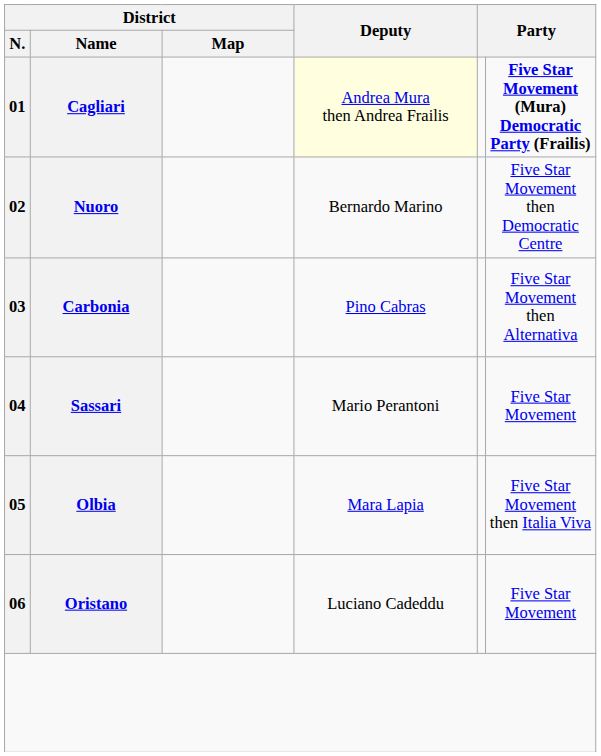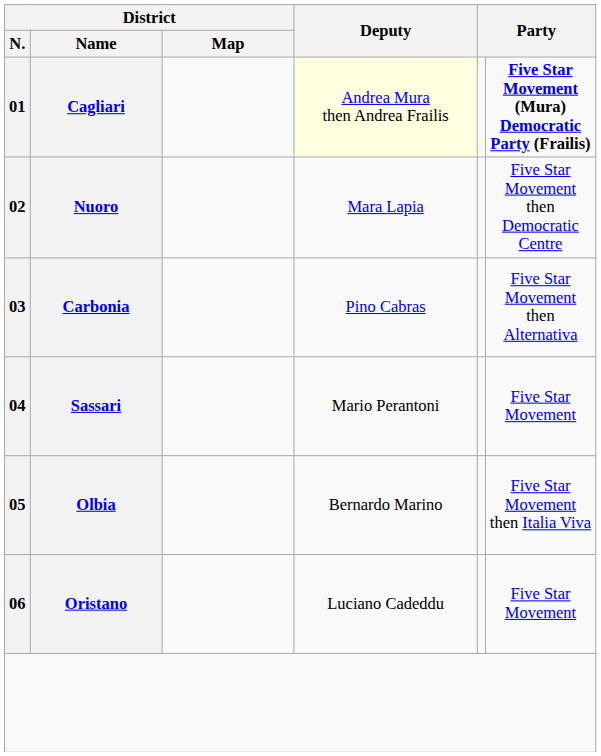 <table class="wikitable" style="text-align:center; style="width=65%">
 <tr>
 <th width=35% colspan="3">District</th>
 <th width=25% rowspan="2">Deputy</th>
 <th width=15% colspan="14" rowspan="2">Party</th>
 </tr>
 <tr>
 <th width=1%>N.</th>
 <th width=18%>Name</th>
 <th width=18%>Map</th>
 </tr>
 <tr style="height:6em;">
 <th>01</th>
 <th><a href='#'>Cagliari</a></th>
 <td></td>
 <td style="background: lightyellow;"><a href='#'>Andrea Mura</a><br>then Andrea Frailis</td>
 <td style="background:"></td>
 <td><strong><a href='#'>Five Star Movement</a> (Mura)<br><a href='#'>Democratic Party</a> (Frailis)</strong></td>
 </tr>
 <tr style="height:6em;">
 <th>02</th>
 <th><a href='#'>Nuoro</a></th>
 <td></td>
-<td>Bernardo Marino</td>
+<td><a href='#'>Mara Lapia</a></td>
 <td style="background:"></td>
 <td colspan=3><a href='#'>Five Star Movement</a><br>then <a href='#'>Democratic Centre</a></td>
 </tr>
 <tr style="height:6em;">
 <th>03</th>
 <th><a href='#'>Carbonia</a></th>
 <td></td>
 <td><a href='#'>Pino Cabras</a></td>
 <td style="background:"></td>
 <td colspan=3><a href='#'>Five Star Movement</a><br>then <a href='#'>Alternativa</a></td>
 </tr>
 <tr style="height:6em;">
 <th>04</th>
 <th><a href='#'>Sassari</a></th>
 <td></td>
 <td>Mario Perantoni</td>
 <td style="background:"></td>
 <td colspan=3><a href='#'>Five Star Movement</a></td>
 </tr>
 <tr style="height:6em;">
 <th>05</th>
 <th><a href='#'>Olbia</a></th>
 <td></td>
-<td><a href='#'>Mara Lapia</a></td>
+<td>Bernardo Marino</td>
 <td style="background:"></td>
 <td colspan=3><a href='#'>Five Star Movement</a><br>then <a href='#'>Italia Viva</a></td>
 </tr>
 <tr style="height:6em;">
 <th>06</th>
 <th><a href='#'>Oristano</a></th>
 <td></td>
 <td>Luciano Cadeddu</td>
 <td style="background:"></td>
 <td colspan=3><a href='#'>Five Star Movement</a></td>
 </tr>
 <tr style="height:6em;">
 </tr>
 </table>
